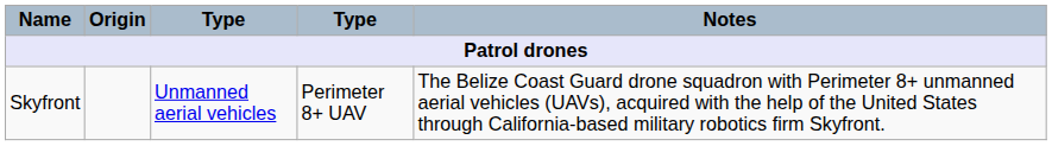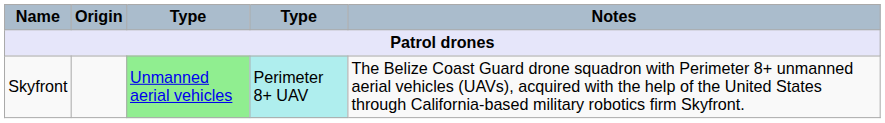 <table class="wikitable">
 <tr>
 <th style="text-align:center; background:#aabccc;">Name</th>
 <th style="text-align: center; background:#aabccc;">Origin</th>
 <th style="text-align:l center! ; background:#aabccc;">Type</th>
 <th style="text-align:l center; background:#aabccc;">Type</th>
 <th style="text-align: center; background:#aabccc;">Notes</th>
 </tr>
 <tr>
 <th style="align: center; background: lavender;" colspan="6">Patrol drones</th>
 </tr>
 <tr>
 <td>Skyfront</td>
 <td></td>
-<td><a href='#'>Unmanned aerial vehicles</a></td>
-<td>Perimeter 8+ UAV</td>
+<td style="background: lightgreen;"><a href='#'>Unmanned aerial vehicles</a></td>
+<td style="background: paleturquoise;">Perimeter 8+ UAV</td>
 <td>The Belize Coast Guard  drone squadron with Perimeter 8+ unmanned aerial vehicles (UAVs), acquired with the help of the United States through California-based military robotics firm Skyfront. </td>
 </tr>
 </table>
